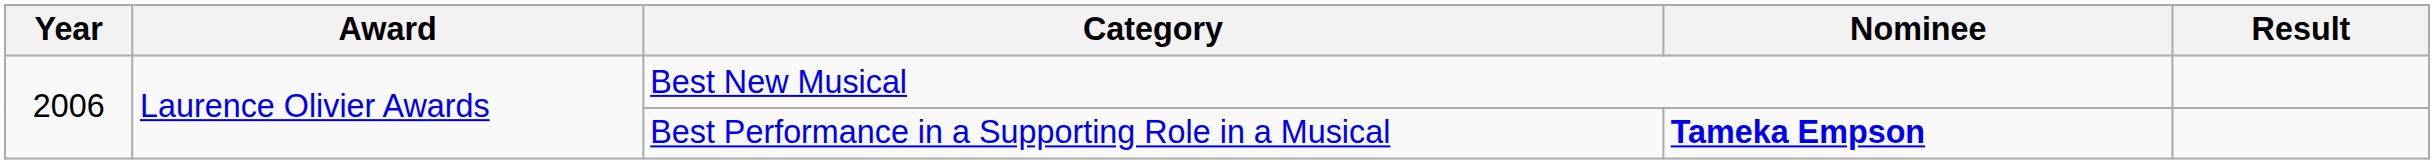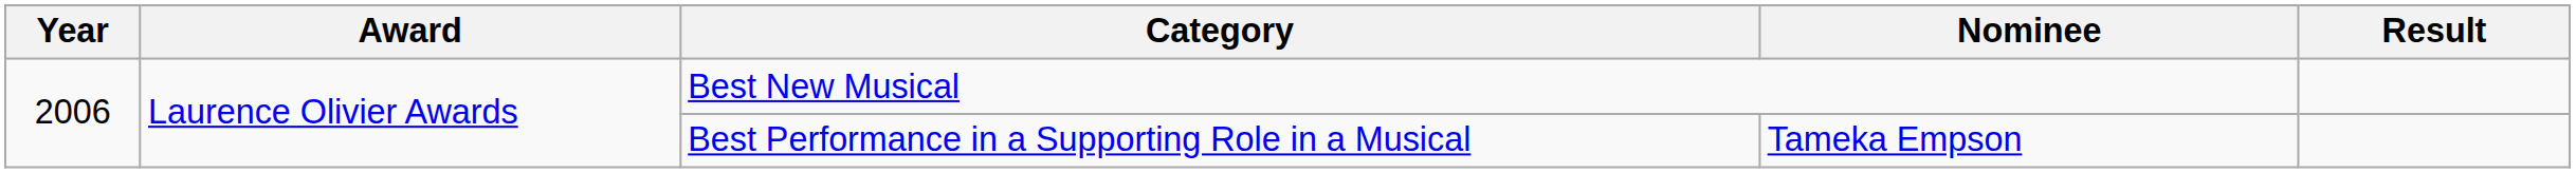 <table class="wikitable" width="95%">
 <tr>
 <th width="5%">Year</th>
 <th width="20%">Award</th>
 <th width="40%">Category</th>
 <th width="20%">Nominee</th>
 <th width="10%">Result</th>
 </tr>
 <tr>
 <td rowspan="9" style="text-align:center;">2006</td>
 <td rowspan="5"><a href='#'>Laurence Olivier Awards</a></td>
 <td colspan="2"><a href='#'>Best New Musical</a></td>
 <td></td>
 </tr>
 <tr>
 <td><a href='#'>Best Performance in a Supporting Role in a Musical</a></td>
-<td><strong><a href='#'>Tameka Empson</a></strong></td>
+<td><a href='#'>Tameka Empson</a></td>
 <td></td>
 </tr>
 </table>
